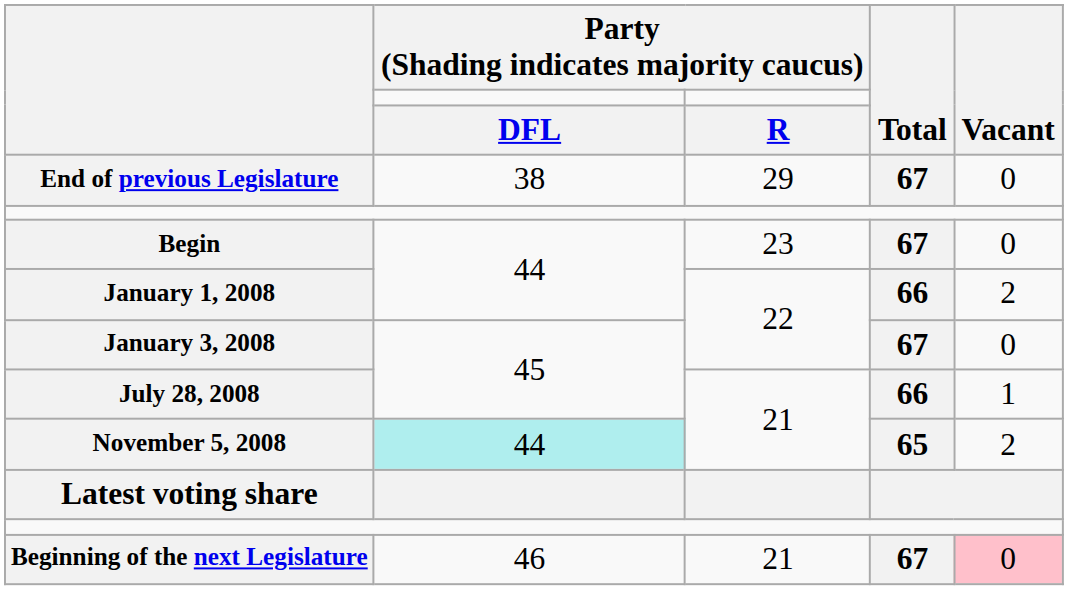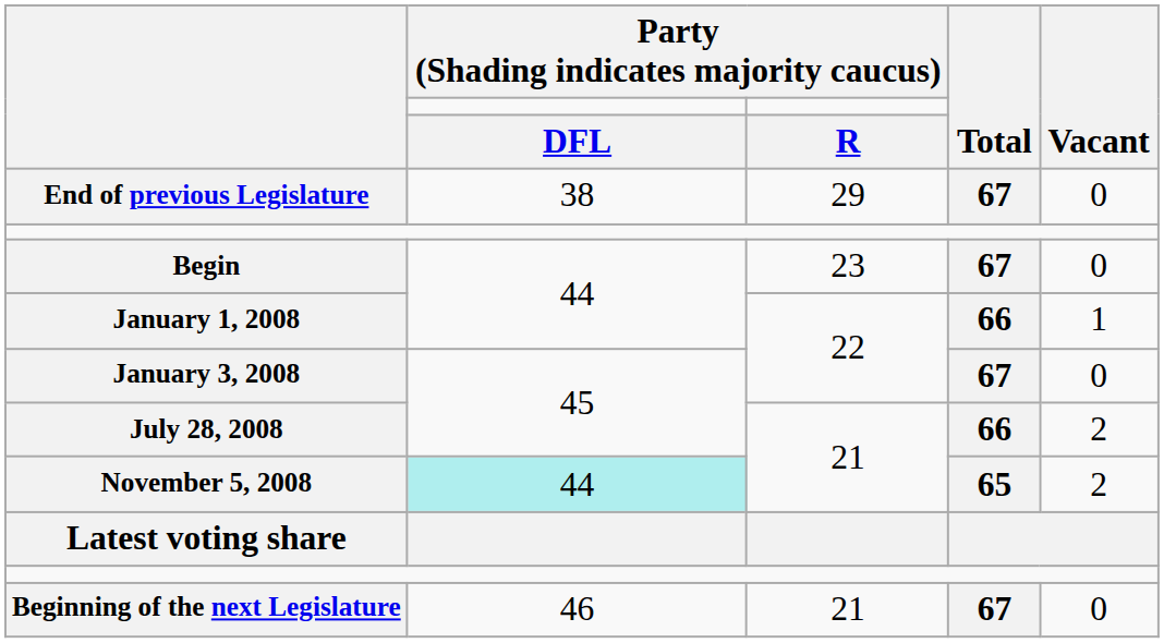 <table class=wikitable style="text-align:center">
 <tr style="vertical-align:bottom;">
 <th rowspan=3></th>
 <th colspan=2>Party <div>(Shading indicates majority caucus)</div></th>
 <th rowspan=3>Total</th>
 <th rowspan=3>Vacant</th>
 </tr>
 <tr style="height:5px">
 <td style="background-color:"></td>
 <td style="background-color:"></td>
 </tr>
 <tr>
 <th><a href='#'>DFL</a></th>
 <th><a href='#'>R</a></th>
 </tr>
 <tr>
 <th style="white-space:nowrap; font-size:80%;">End of <a href='#'>previous Legislature</a></th>
 <td>38</td>
 <td>29</td>
 <th>67</th>
 <td>0</td>
 </tr>
 <tr>
 <td colspan=6></td>
 </tr>
 <tr>
 <th style="font-size:80%">Begin</th>
 <td rowspan="2" >44</td>
 <td>23</td>
 <th>67</th>
 <td>0</td>
 </tr>
 <tr>
 <th style="font-size:80%">January 1, 2008 </th>
 <td rowspan="2">22</td>
 <th>66</th>
-<td>2</td>
+<td>1</td>
 </tr>
 <tr>
 <th style="font-size:80%">January 3, 2008 </th>
 <td rowspan="2" >45</td>
 <th>67</th>
 <td>0</td>
 </tr>
 <tr>
 <th style="font-size:80%">July 28, 2008 </th>
 <td rowspan="2">21</td>
 <th>66</th>
-<td>1</td>
+<td>2</td>
 </tr>
 <tr>
 <th style="font-size:80%">November 5, 2008 </th>
 <td style="background: paleturquoise;">44</td>
 <th>65</th>
 <td>2</td>
 </tr>
 <tr>
 <th>Latest voting share</th>
 <th></th>
 <th></th>
 <th colspan=2></th>
 </tr>
 <tr>
 <td colspan=6></td>
 </tr>
 <tr>
 <th style="white-space:nowrap; font-size:80%;">Beginning of the <a href='#'>next Legislature</a></th>
 <td>46</td>
 <td>21</td>
 <th>67</th>
-<td style="background: pink;">0</td>
+<td>0</td>
 </tr>
 </table>
